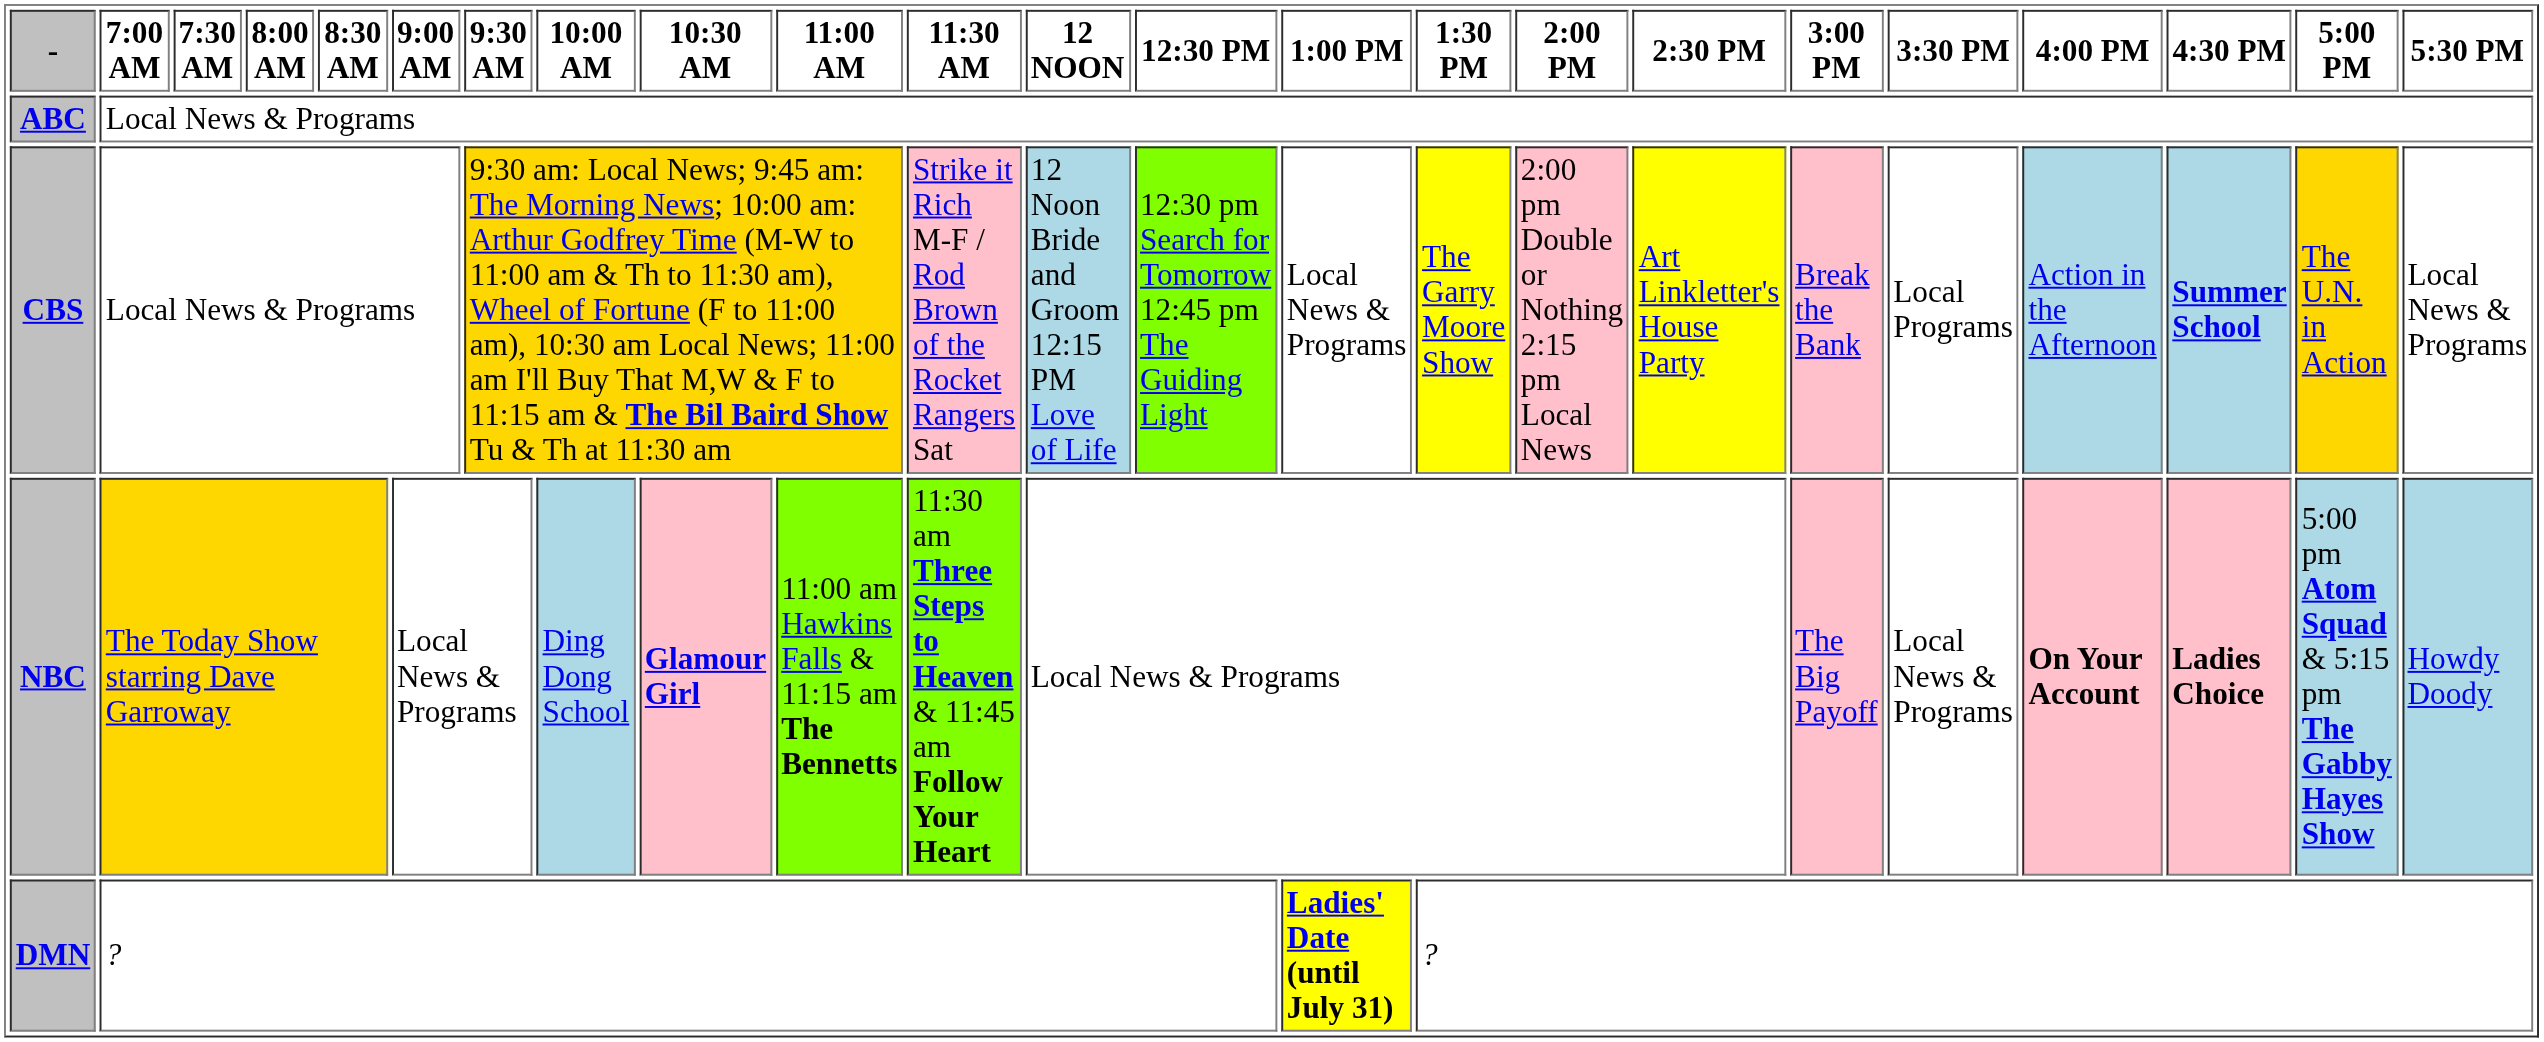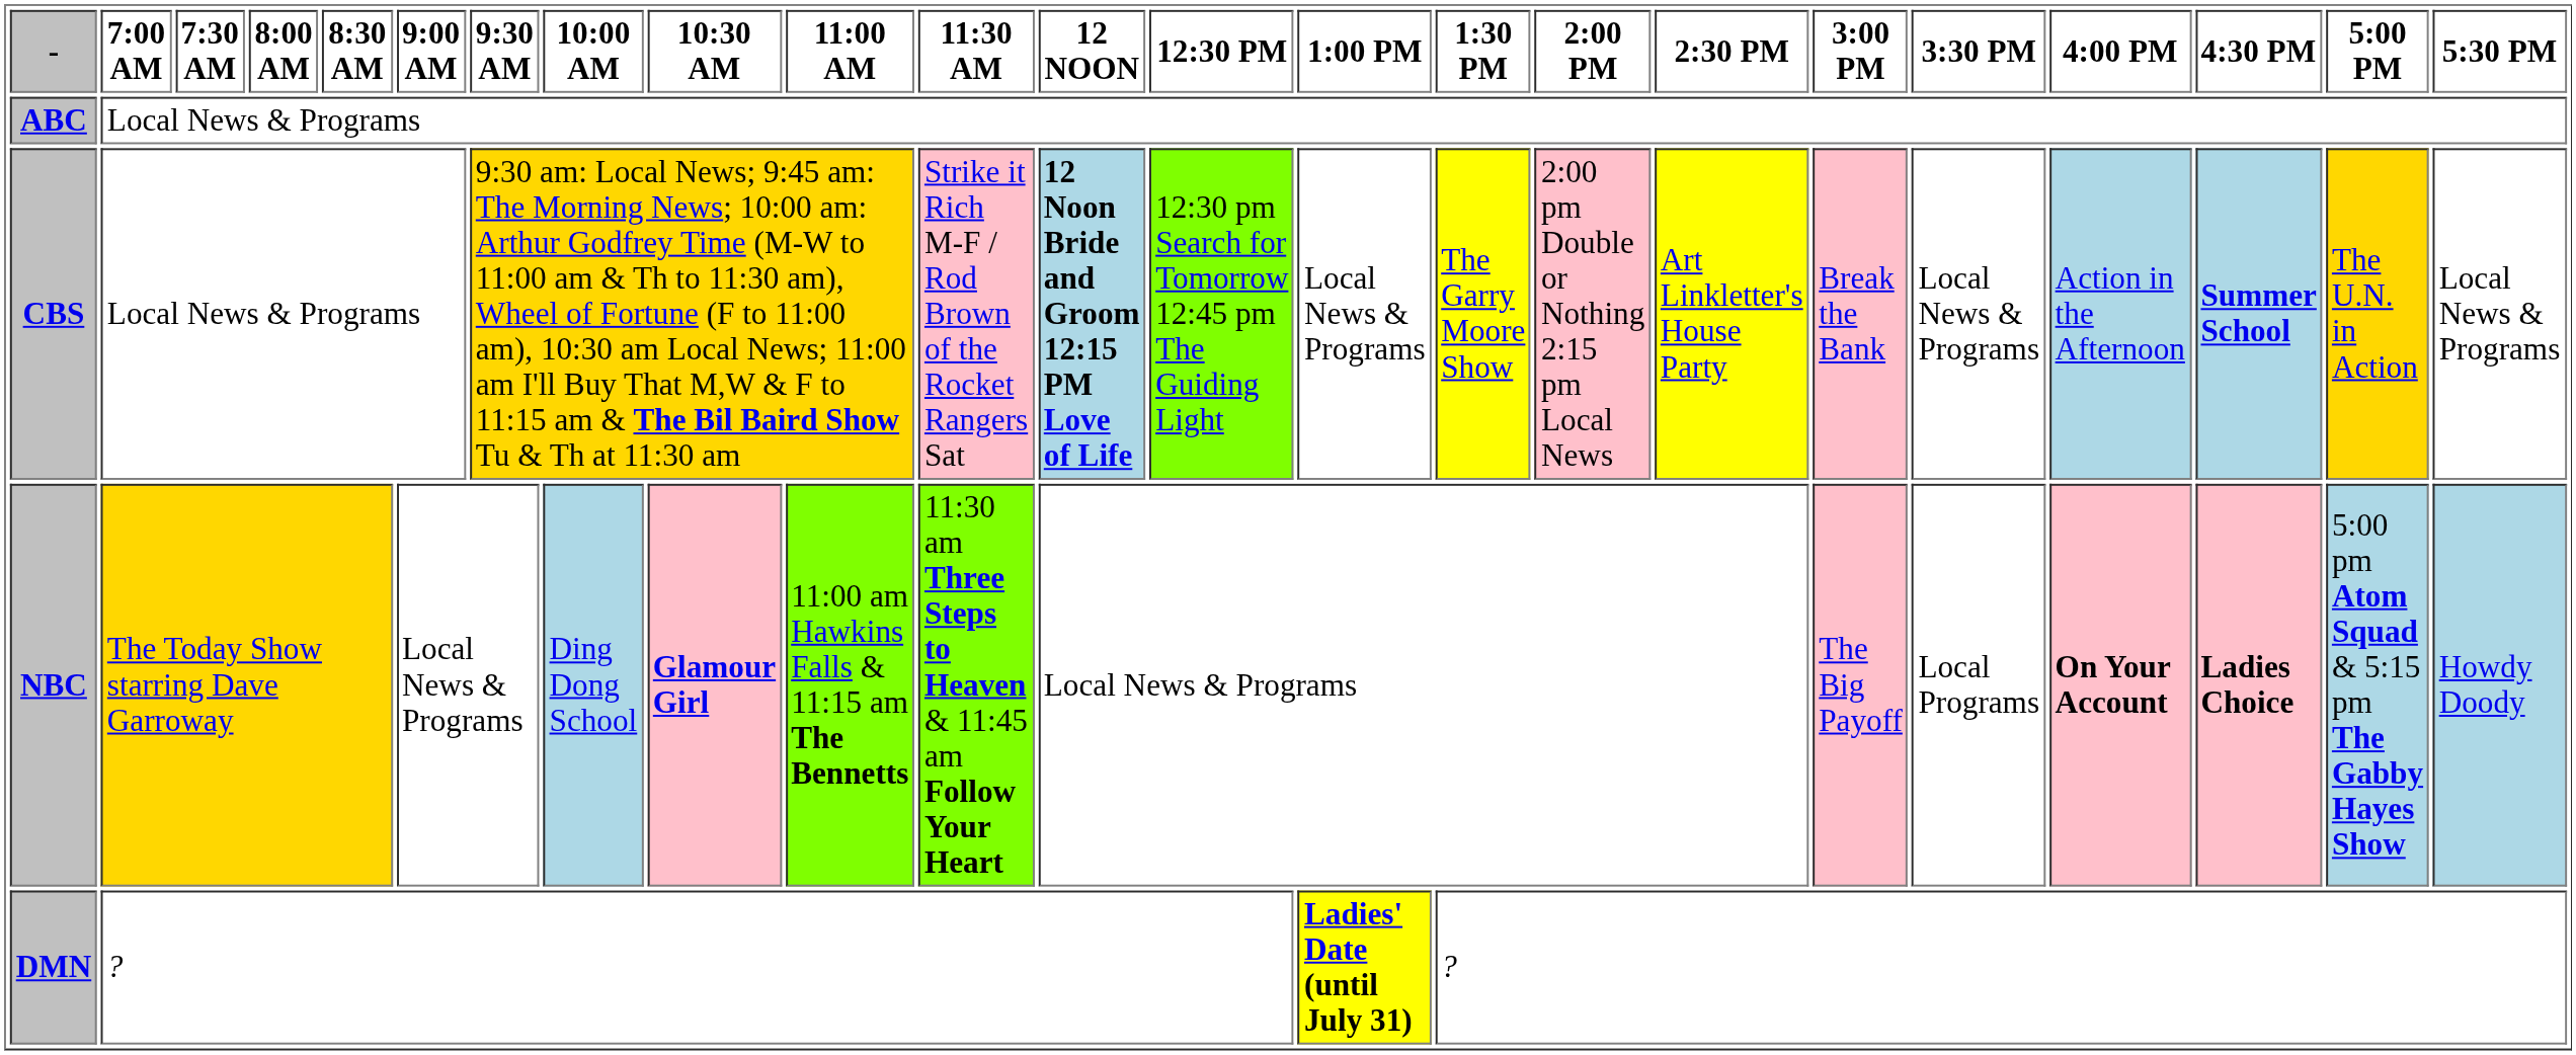 <table border="1" cellpadding="2">
 <tr>
 <th style="background:silver;">-</th>
 <th style="width=13%=background:silver;">7:00 AM</th>
 <th style="width=14%=background:silver;">7:30 AM</th>
 <th style="width=13%=background:silver;">8:00 AM</th>
 <th style="width=14%=background:silver;">8:30 AM</th>
 <th style="width=13%=background:silver;">9:00 AM</th>
 <th style="width=14%=background:silver;">9:30 AM</th>
 <th style="width=13%=background:silver;">10:00 AM</th>
 <th style="width=14%=background:silver;">10:30 AM</th>
 <th style="width=13%=background:silver;">11:00 AM</th>
 <th style="width=14%=background:silver;">11:30 AM</th>
 <th style="width=13%=background:silver;">12 NOON</th>
 <th style="width=14%=background:silver;">12:30 PM</th>
 <th style="width=13%=background:silver;">1:00 PM</th>
 <th style="width=14%=background:silver;">1:30 PM</th>
 <th style="width=13%=background:silver;">2:00 PM</th>
 <th style="width=14%=background:silver;">2:30 PM</th>
 <th style="width=13%=background:silver;">3:00 PM</th>
 <th style="width=14%=background:silver;">3:30 PM</th>
 <th style="width=13%=background:silver;">4:00 PM</th>
 <th style="width=14%=background:silver;">4:30 PM</th>
 <th style="width=13%=background:silver;">5:00 PM</th>
 <th style="width=14%=background:silver;">5:30 PM</th>
 </tr>
 <tr>
 <th style="background:silver;"><a href='#'>ABC</a></th>
 <td style="background:white;" colspan="22">Local News & Programs</td>
 </tr>
 <tr>
 <th style="background:silver;"><a href='#'>CBS</a></th>
 <td style="background:white;" colspan="5">Local News & Programs</td>
 <td style="background:gold;" colspan="4">9:30 am: Local News; 9:45 am: <a href='#'>The Morning News</a>; 10:00 am: <a href='#'>Arthur Godfrey Time</a> (M-W to 11:00 am & Th to 11:30 am), <a href='#'>Wheel of Fortune</a> (F to 11:00 am), 10:30 am Local News; 11:00 am I'll Buy That M,W & F to 11:15 am & <strong><a href='#'>The Bil Baird Show</a></strong> Tu & Th at 11:30 am</td>
 <td style="background:pink;"><a href='#'>Strike it Rich</a> M-F / <a href='#'>Rod Brown of the Rocket Rangers</a> Sat</td>
-<td style="background:lightblue;">12 Noon Bride and Groom 12:15 PM <a href='#'>Love of Life</a></td>
+<td style="background:lightblue;"><strong>12 Noon Bride and Groom 12:15 PM <a href='#'>Love of Life</a></strong></td>
 <td style="background:chartreuse;">12:30 pm <a href='#'>Search for Tomorrow</a> 12:45 pm <a href='#'>The Guiding Light</a></td>
 <td style="background:white;">Local News & Programs</td>
 <td style="background:yellow;"><a href='#'>The Garry Moore Show</a></td>
 <td style="background:pink;">2:00 pm Double or Nothing 2:15 pm Local News</td>
 <td style="background:yellow;"><a href='#'>Art Linkletter's House Party</a></td>
 <td style="background:pink;"><a href='#'>Break the Bank</a></td>
-<td style="background:white;">Local Programs</td>
+<td style="background:white;">Local News & Programs</td>
 <td style="background:lightblue;"><a href='#'>Action in the Afternoon</a></td>
 <td style="background:lightblue;"><strong><a href='#'>Summer School</a></strong></td>
 <td style="background:gold;"><a href='#'>The U.N. in Action</a></td>
 <td style="background:white;" colspan="2">Local News & Programs</td>
 </tr>
 <tr>
 <th style="background:silver;"><a href='#'>NBC</a></th>
 <td style="background:gold;" colspan="4"><a href='#'>The Today Show starring Dave Garroway</a></td>
 <td style="background:white;" colspan="2">Local News & Programs</td>
 <td style="background:lightblue;"><a href='#'>Ding Dong School</a></td>
 <td style="background:pink;"><strong><a href='#'>Glamour Girl</a></strong></td>
 <td style="background:chartreuse;">11:00 am <a href='#'>Hawkins Falls</a> & 11:15 am <strong>The Bennetts</strong></td>
 <td style="background:chartreuse;">11:30 am <strong><a href='#'>Three Steps to Heaven</a></strong> & 11:45 am <strong>Follow Your Heart</strong></td>
 <td style="background:white;" colspan="6">Local News & Programs</td>
 <td style="background:pink;"><a href='#'>The Big Payoff</a></td>
-<td style="background:white;">Local News & Programs</td>
+<td style="background:white;">Local Programs</td>
 <td style="background:pink;"><strong>On Your Account</strong></td>
 <td style="background:pink;"><strong>Ladies Choice</strong></td>
 <td style="background:lightblue;">5:00 pm <strong><a href='#'>Atom Squad</a></strong> & 5:15 pm <strong><a href='#'>The Gabby Hayes Show</a></strong></td>
 <td style="background:lightblue;"><a href='#'>Howdy Doody</a></td>
 </tr>
 <tr>
 <th style="background:silver;"><a href='#'>DMN</a></th>
 <td style="background:white;" colspan="12"><em>?</em></td>
 <td style="background:yellow;"><strong><a href='#'>Ladies' Date</a> (until July 31)</strong></td>
 <td style="background:white;" colspan="9"><em>?</em></td>
 </tr>
 </table>
